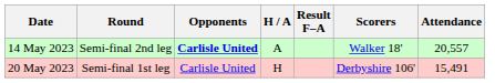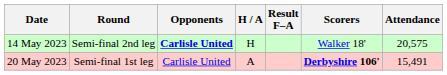 <table class="wikitable" style="text-align:center">
 <tr>
 <th>Date</th>
 <th>Round</th>
 <th>Opponents</th>
 <th>H / A</th>
 <th>Result<br>F–A</th>
 <th>Scorers</th>
 <th>Attendance</th>
 </tr>
 <tr bgcolor="#CCFFCC">
 <td>14 May 2023</td>
 <td>Semi-final 2nd leg</td>
 <td><strong><a href='#'>Carlisle United</a></strong></td>
-<td>A</td>
+<td>H</td>
 <td></td>
 <td><a href='#'>Walker</a> 18'</td>
-<td>20,557</td>
+<td>20,575</td>
 </tr>
 <tr bgcolor="#FFCCCC">
 <td>20 May 2023</td>
 <td>Semi-final 1st leg</td>
 <td><a href='#'>Carlisle United</a></td>
-<td>H</td>
+<td>A</td>
 <td></td>
-<td><a href='#'>Derbyshire</a> 106'</td>
+<td><strong><a href='#'>Derbyshire</a> 106'</strong></td>
 <td>15,491</td>
 </tr>
 </table>
